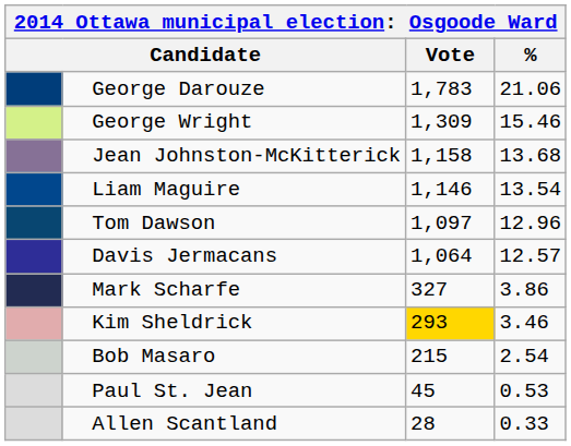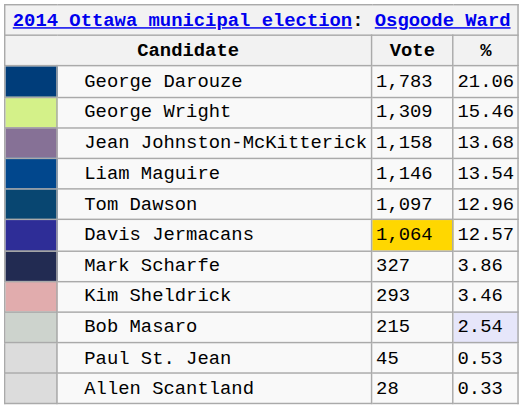 <table class="wikitable">
 <tr>
 <th colspan="4"><a href='#'>2014 Ottawa municipal election</a>: <a href='#'>Osgoode Ward</a></th>
 </tr>
 <tr>
 <th bgcolor="#DDDDFF" width="230px" colspan="2">Candidate</th>
 <th bgcolor="#DDDDFF" width="50px">Vote</th>
 <th bgcolor="#DDDDFF" width="30px">%</th>
 </tr>
 <tr>
 <td bgcolor=#003D7A width="30px"> </td>
 <td>  George Darouze</td>
 <td>1,783</td>
 <td>21.06</td>
 </tr>
 <tr>
 <td bgcolor=#D4F189 width="30px"> </td>
 <td>  George Wright</td>
 <td>1,309</td>
 <td>15.46</td>
 </tr>
 <tr>
 <td bgcolor=#867196 width="30px"> </td>
 <td>  Jean Johnston-McKitterick</td>
 <td>1,158</td>
 <td>13.68</td>
 </tr>
 <tr>
 <td bgcolor=#01478D width="30px"> </td>
 <td>  Liam Maguire</td>
 <td>1,146</td>
 <td>13.54</td>
 </tr>
 <tr>
 <td bgcolor=#084671 width="30px"> </td>
 <td>  Tom Dawson</td>
 <td>1,097</td>
 <td>12.96</td>
 </tr>
 <tr>
 <td bgcolor=#2E2D97 width="30px"> </td>
 <td>  Davis Jermacans</td>
-<td>1,064</td>
+<td style="background: gold;">1,064</td>
 <td>12.57</td>
 </tr>
 <tr>
 <td bgcolor=#222B52 width="30px"> </td>
 <td>  Mark Scharfe</td>
 <td>327</td>
 <td>3.86</td>
 </tr>
 <tr>
 <td bgcolor=#E1ACAD width="30px"> </td>
 <td>  Kim Sheldrick</td>
-<td style="background: gold;">293</td>
+<td>293</td>
 <td>3.46</td>
 </tr>
 <tr>
 <td bgcolor=#CDD3CD width="30px"> </td>
 <td>  Bob Masaro</td>
 <td>215</td>
-<td>2.54</td>
+<td style="background: lavender;">2.54</td>
 </tr>
 <tr>
 <td bgcolor=#DCDCDC width="30px"> </td>
 <td>  Paul St. Jean</td>
 <td>45</td>
 <td>0.53</td>
 </tr>
 <tr>
 <td bgcolor=#DCDCDC width="30px"> </td>
 <td>  Allen Scantland</td>
 <td>28</td>
 <td>0.33</td>
 </tr>
 </table>
